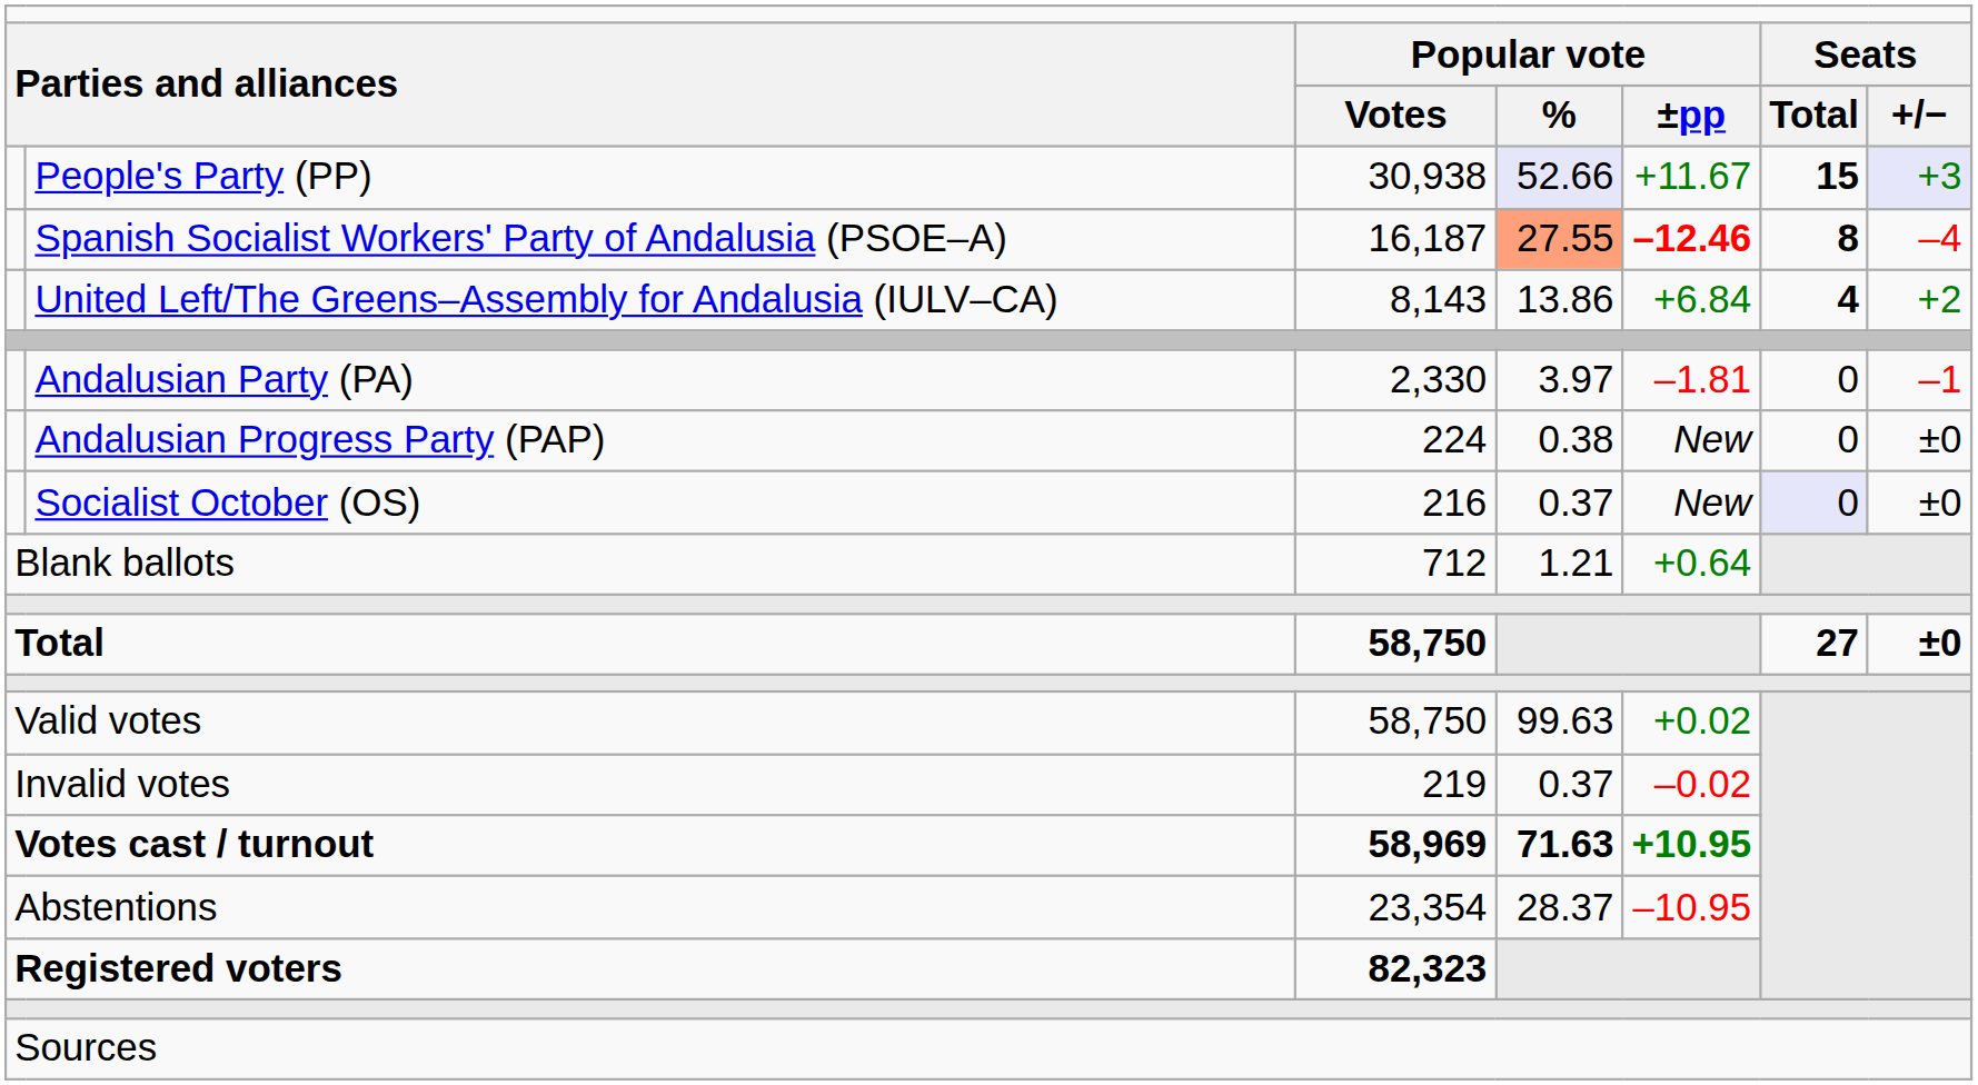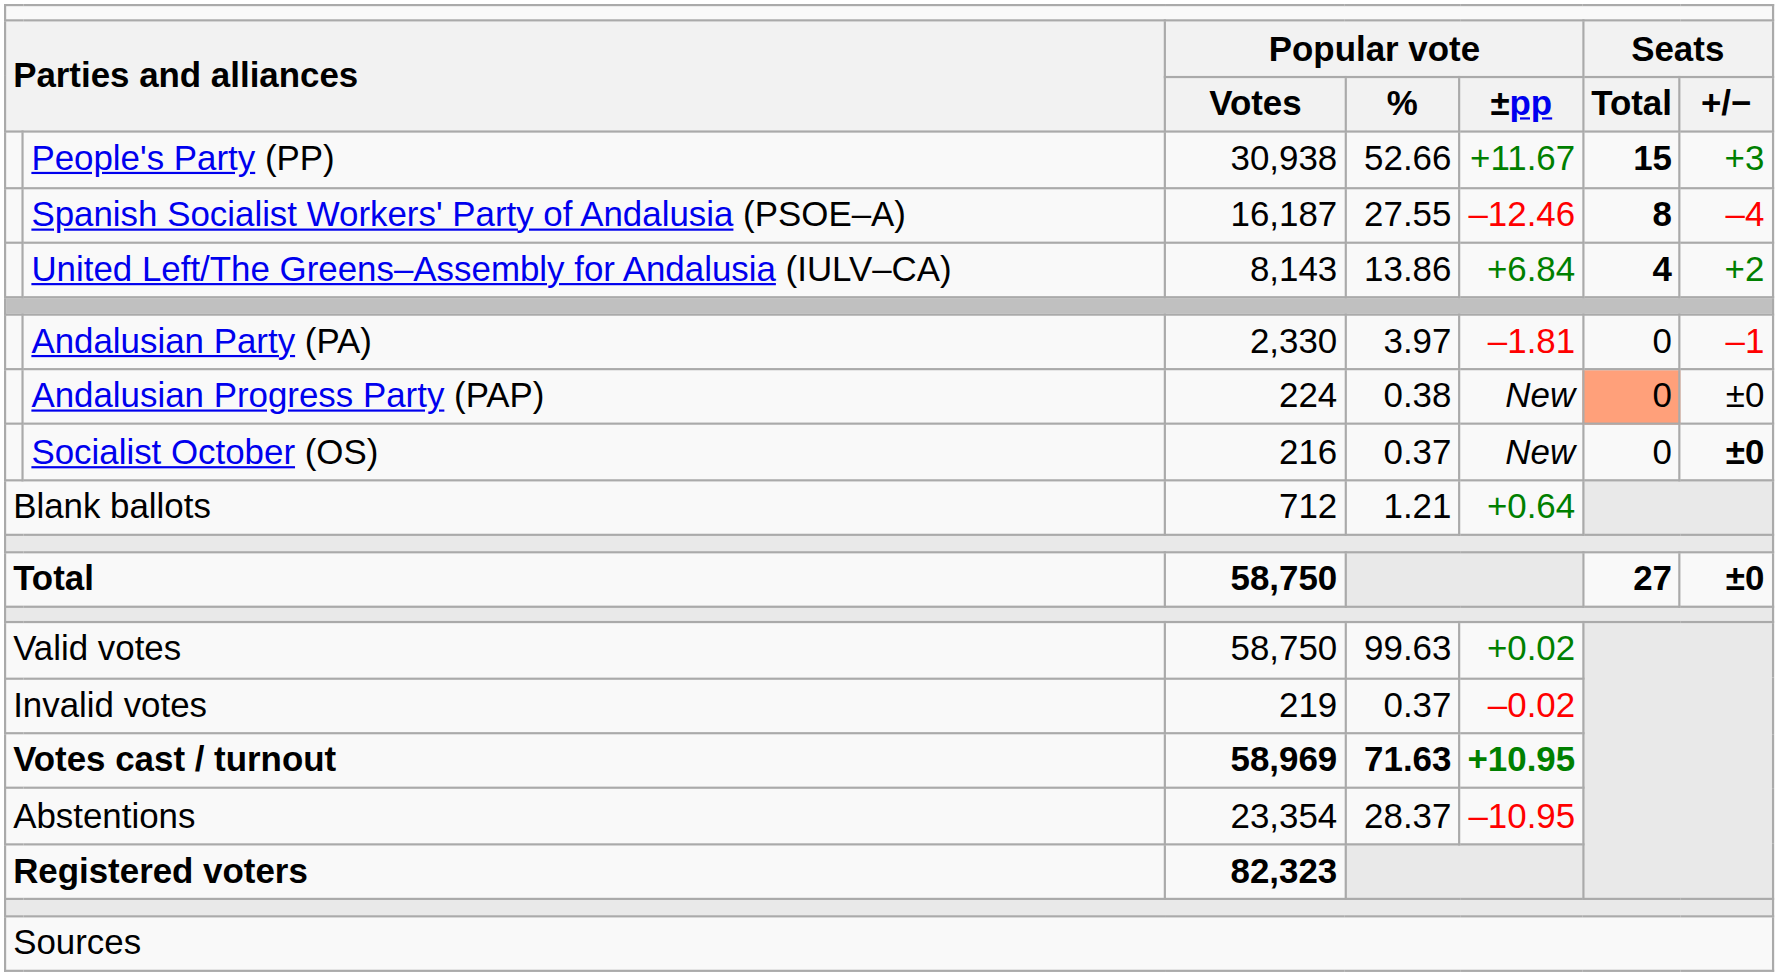 <table class="wikitable" style="text-align:right;">
 <tr>
 <td colspan="7"></td>
 </tr>
 <tr>
 <th style="text-align:left;" rowspan="2" colspan="2" width="525">Parties and alliances</th>
 <th colspan="3">Popular vote</th>
 <th colspan="2">Seats</th>
 </tr>
 <tr>
 <th width="75">Votes</th>
 <th width="45">%</th>
 <th width="45">±<a href='#'>pp</a></th>
 <th width="35">Total</th>
 <th width="35">+/−</th>
 </tr>
 <tr>
 <td width="1" style="color:inherit;background:"></td>
 <td align="left"><a href='#'>People's Party</a> (PP)</td>
 <td>30,938</td>
-<td style="background: lavender;">52.66</td>
+<td>52.66</td>
 <td style="color:green;">+11.67</td>
 <td><strong>15</strong></td>
-<td style="background: lavender; color:green;">+3</td>
+<td style="color:green;">+3</td>
 </tr>
 <tr>
 <td style="color:inherit;background:"></td>
 <td align="left"><a href='#'>Spanish Socialist Workers' Party of Andalusia</a> (PSOE–A)</td>
 <td>16,187</td>
-<td style="background: lightsalmon;">27.55</td>
-<td style="color:red;"><strong>–12.46</strong></td>
+<td>27.55</td>
+<td style="color:red;">–12.46</td>
 <td><strong>8</strong></td>
 <td style="color:red;">–4</td>
 </tr>
 <tr>
 <td style="color:inherit;background:"></td>
 <td align="left"><a href='#'>United Left/The Greens–Assembly for Andalusia</a> (IULV–CA)</td>
 <td>8,143</td>
 <td>13.86</td>
 <td style="color:green;">+6.84</td>
 <td><strong>4</strong></td>
 <td style="color:green;">+2</td>
 </tr>
 <tr>
 <td colspan="7" bgcolor="#C0C0C0"></td>
 </tr>
 <tr>
 <td style="color:inherit;background:"></td>
 <td align="left"><a href='#'>Andalusian Party</a> (PA)</td>
 <td>2,330</td>
 <td>3.97</td>
 <td style="color:red;">–1.81</td>
 <td>0</td>
 <td style="color:red;">–1</td>
 </tr>
 <tr>
 <td style="color:inherit;background:"></td>
 <td align="left"><a href='#'>Andalusian Progress Party</a> (PAP)</td>
 <td>224</td>
 <td>0.38</td>
 <td><em>New</em></td>
-<td>0</td>
+<td style="background: lightsalmon;">0</td>
 <td>±0</td>
 </tr>
 <tr>
 <td style="color:inherit;background:"></td>
 <td align="left"><a href='#'>Socialist October</a> (OS)</td>
 <td>216</td>
 <td>0.37</td>
 <td><em>New</em></td>
-<td style="background: lavender;">0</td>
-<td>±0</td>
+<td>0</td>
+<td><strong>±0</strong></td>
 </tr>
 <tr>
 <td align="left" colspan="2">Blank ballots</td>
 <td>712</td>
 <td>1.21</td>
 <td style="color:green;">+0.64</td>
 <td bgcolor="#E9E9E9" colspan="2"></td>
 </tr>
 <tr>
 <td colspan="7" bgcolor="#E9E9E9"></td>
 </tr>
 <tr style="font-weight:bold;">
 <td align="left" colspan="2">Total</td>
 <td>58,750</td>
 <td bgcolor="#E9E9E9" colspan="2"></td>
 <td>27</td>
 <td>±0</td>
 </tr>
 <tr>
 <td colspan="7" bgcolor="#E9E9E9"></td>
 </tr>
 <tr>
 <td align="left" colspan="2">Valid votes</td>
 <td>58,750</td>
 <td>99.63</td>
 <td style="color:green;">+0.02</td>
 <td bgcolor="#E9E9E9" colspan="2" rowspan="5"></td>
 </tr>
 <tr>
 <td align="left" colspan="2">Invalid votes</td>
 <td>219</td>
 <td>0.37</td>
 <td style="color:red;">–0.02</td>
 </tr>
 <tr style="font-weight:bold;">
 <td align="left" colspan="2">Votes cast / turnout</td>
 <td>58,969</td>
 <td>71.63</td>
 <td style="color:green;">+10.95</td>
 </tr>
 <tr>
 <td align="left" colspan="2">Abstentions</td>
 <td>23,354</td>
 <td>28.37</td>
 <td style="color:red;">–10.95</td>
 </tr>
 <tr style="font-weight:bold;">
 <td align="left" colspan="2">Registered voters</td>
 <td>82,323</td>
 <td bgcolor="#E9E9E9" colspan="2"></td>
 </tr>
 <tr>
 <td colspan="7" bgcolor="#E9E9E9"></td>
 </tr>
 <tr>
 <td align="left" colspan="7">Sources</td>
 </tr>
 </table>
